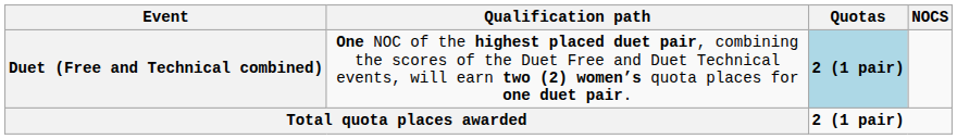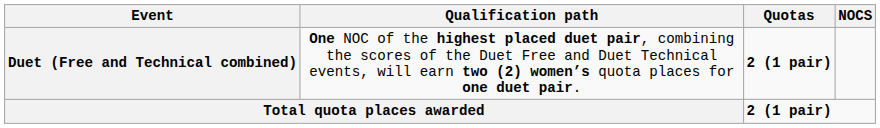 <table class="wikitable sortable" align="center">
 <tr>
 <th>Event</th>
 <th width=400>Qualification path</th>
 <th>Quotas</th>
 <th>NOCS</th>
 </tr>
 <tr>
 <th>Duet (Free and Technical combined)</th>
 <td align=center><strong>One</strong> NOC of the <strong>highest placed duet pair</strong>, combining the scores of the Duet Free and Duet Technical events, will earn <strong>two (2) women’s</strong> quota places for <strong>one duet pair</strong>.</td>
-<td align=center style="background: lightblue;"><strong>2 (1 pair)</strong></td>
+<td align=center><strong>2 (1 pair)</strong></td>
 <td></td>
 </tr>
 <tr>
 <th colspan="2">Total quota places awarded</th>
 <td colspan="2"><strong>2 (1 pair)</strong></td>
 </tr>
 </table>
